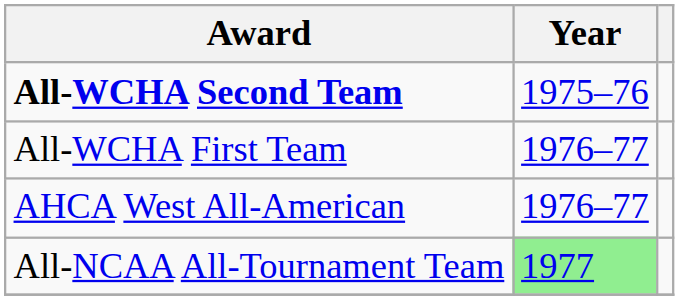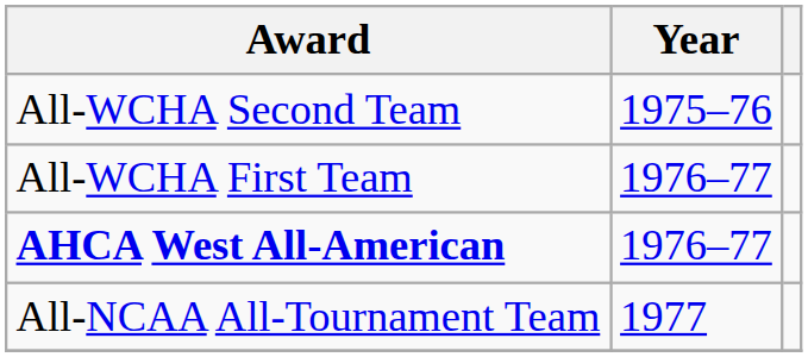 <table class="wikitable">
 <tr>
 <th>Award</th>
 <th>Year</th>
 <th></th>
 </tr>
 <tr>
-<td><strong>All-<a href='#'>WCHA</a> <a href='#'>Second Team</a></strong></td>
+<td>All-<a href='#'>WCHA</a> <a href='#'>Second Team</a></td>
 <td><a href='#'>1975–76</a></td>
 <td></td>
 </tr>
 <tr>
 <td>All-<a href='#'>WCHA</a> <a href='#'>First Team</a></td>
 <td><a href='#'>1976–77</a></td>
 <td></td>
 </tr>
 <tr>
-<td><a href='#'>AHCA</a> <a href='#'>West All-American</a></td>
+<td><strong><a href='#'>AHCA</a> <a href='#'>West All-American</a></strong></td>
 <td><a href='#'>1976–77</a></td>
 <td></td>
 </tr>
 <tr>
 <td>All-<a href='#'>NCAA</a> <a href='#'>All-Tournament Team</a></td>
-<td style="background: lightgreen;"><a href='#'>1977</a></td>
+<td><a href='#'>1977</a></td>
 <td></td>
 </tr>
 <tr>
 </tr>
 </table>
